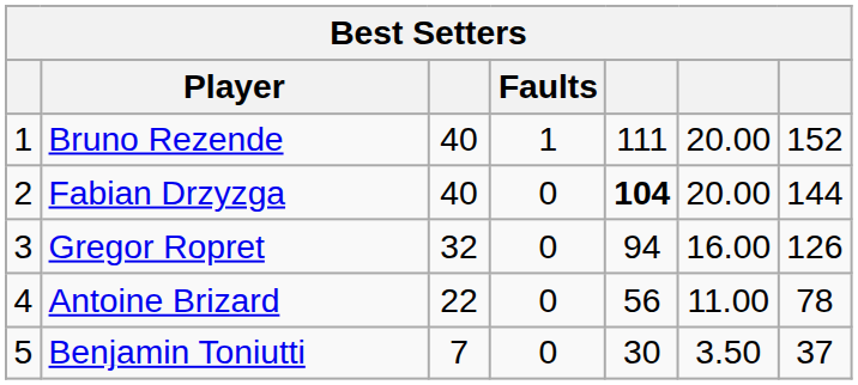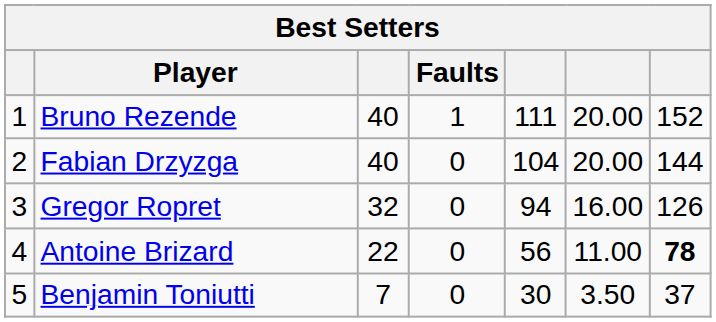 <table class="wikitable sortable" style=font-size:90%>
 <tr>
 <th colspan=7>Best Setters</th>
 </tr>
 <tr>
 <th></th>
 <th width=158>Player</th>
 <th width=20></th>
 <th width=20>Faults</th>
 <th width=20></th>
 <th width=20></th>
 <th width=20></th>
 </tr>
 <tr>
 <td>1</td>
 <td> <a href='#'>Bruno Rezende</a></td>
 <td align=center>40</td>
 <td align=center>1</td>
 <td align=center>111</td>
 <td align=center>20.00</td>
 <td align=center>152</td>
 </tr>
 <tr>
 <td>2</td>
 <td> <a href='#'>Fabian Drzyzga</a></td>
 <td align=center>40</td>
 <td align=center>0</td>
-<td align=center><strong>104</strong></td>
+<td align=center>104</td>
 <td align=center>20.00</td>
 <td align=center>144</td>
 </tr>
 <tr>
 <td>3</td>
 <td> <a href='#'>Gregor Ropret</a></td>
 <td align=center>32</td>
 <td align=center>0</td>
 <td align=center>94</td>
 <td align=center>16.00</td>
 <td align=center>126</td>
 </tr>
 <tr>
 <td>4</td>
 <td> <a href='#'>Antoine Brizard</a></td>
 <td align=center>22</td>
 <td align=center>0</td>
 <td align=center>56</td>
 <td align=center>11.00</td>
-<td align=center>78</td>
+<td align=center><strong>78</strong></td>
 </tr>
 <tr>
 <td>5</td>
 <td> <a href='#'>Benjamin Toniutti</a></td>
 <td align=center>7</td>
 <td align=center>0</td>
 <td align=center>30</td>
 <td align=center>3.50</td>
 <td align=center>37</td>
 </tr>
 </table>
